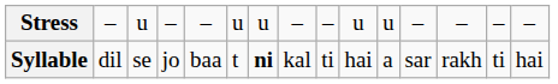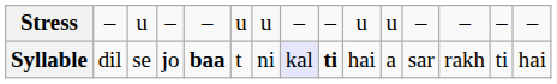 <table class="wikitable">
 <tr style="text-align:center;">
 <th>Stress</th>
 <td>–</td>
 <td>u</td>
 <td>–</td>
 <td>–</td>
 <td>u</td>
 <td>u</td>
 <td>–</td>
 <td>–</td>
 <td>u</td>
 <td>u</td>
 <td>–</td>
 <td>–</td>
 <td>–</td>
 <td>–</td>
 </tr>
 <tr>
 <th>Syllable</th>
 <td>dil</td>
 <td>se</td>
 <td>jo</td>
-<td>baa</td>
+<td><strong>baa</strong></td>
 <td>t</td>
-<td><strong>ni</strong></td>
-<td>kal</td>
-<td>ti</td>
+<td>ni</td>
+<td style="background: lavender;">kal</td>
+<td><strong>ti</strong></td>
 <td>hai</td>
 <td>a</td>
 <td>sar</td>
 <td>rakh</td>
 <td>ti</td>
 <td>hai</td>
 </tr>
 </table>
